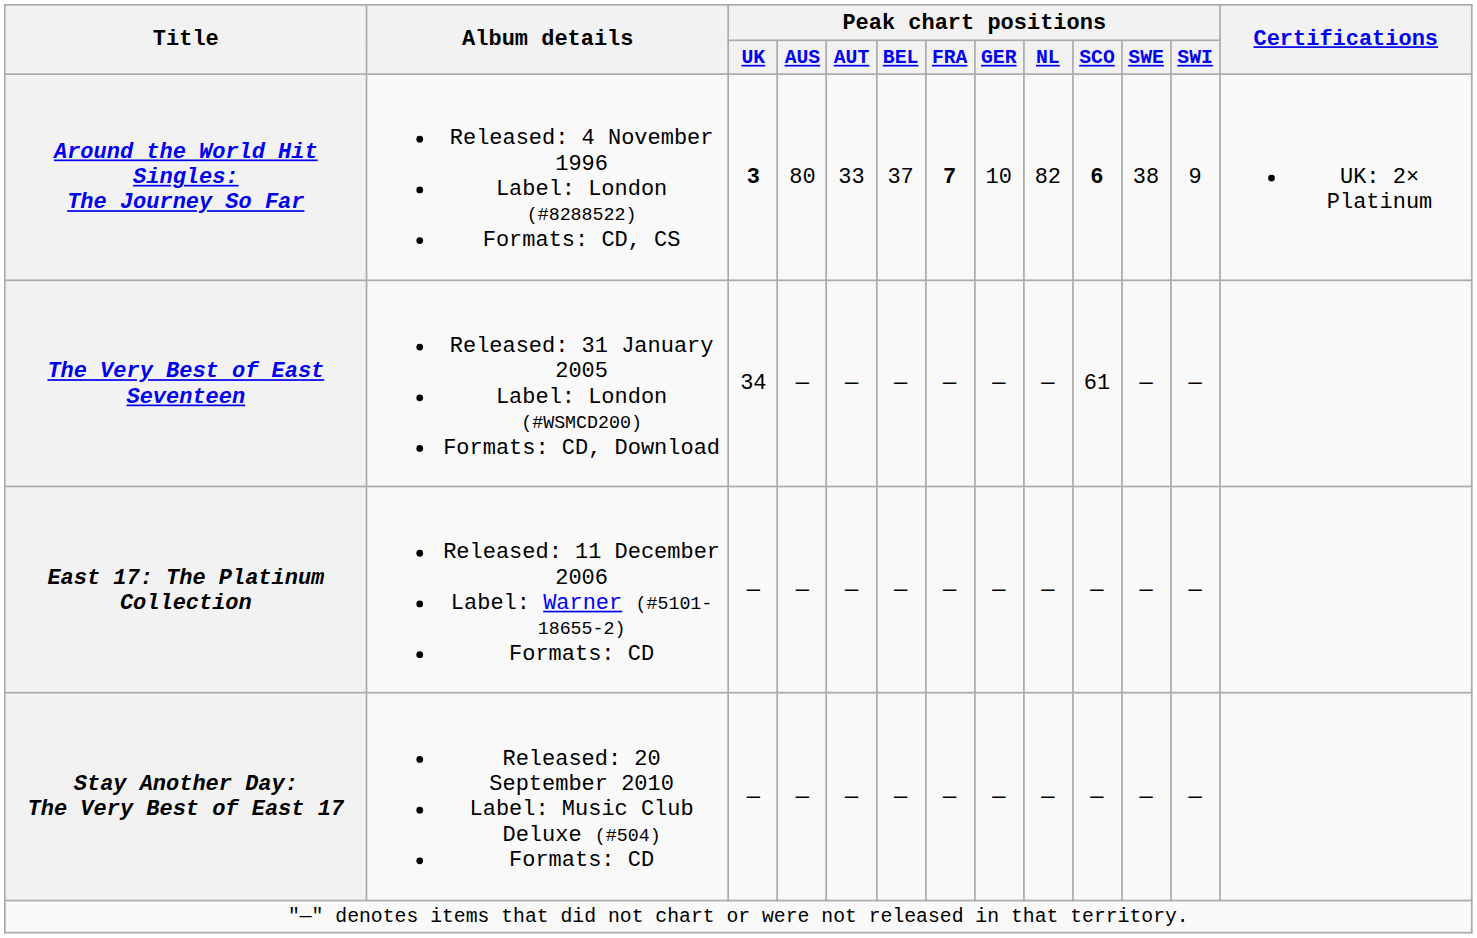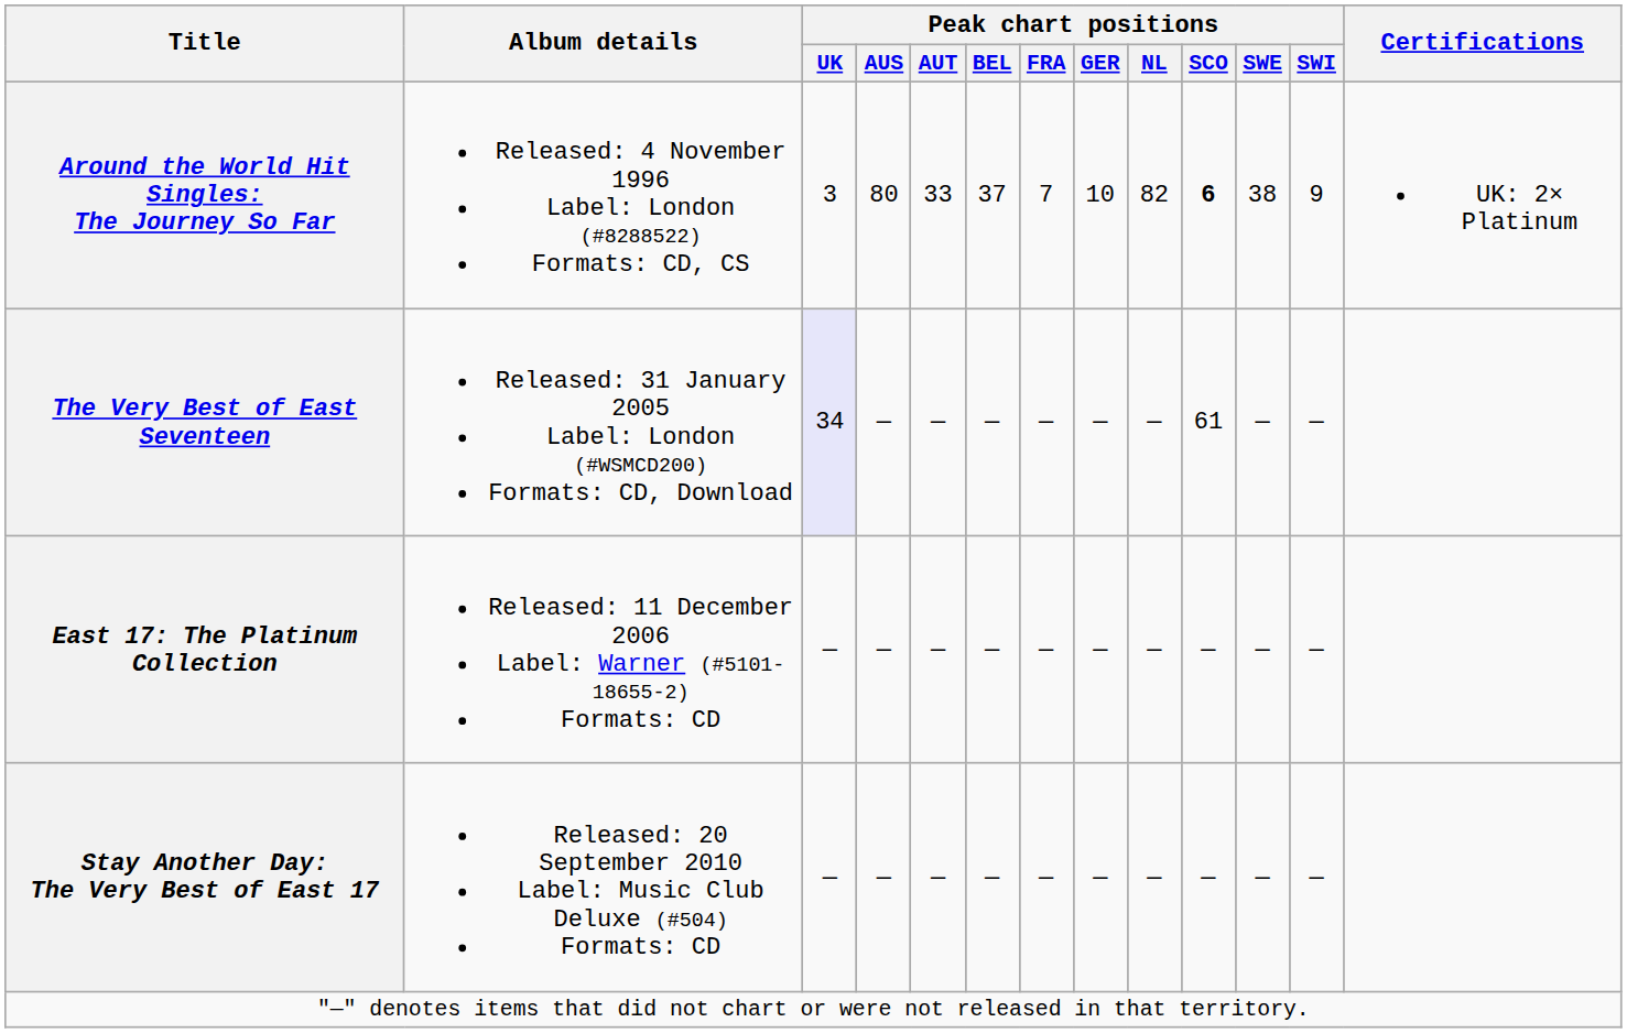 <table class="wikitable plainrowheaders" style="text-align:center;">
 <tr>
 <th scope="col" rowspan="2" style="width:16em;">Title</th>
 <th scope="col" rowspan="2" style="width:16em;">Album details</th>
 <th scope="col" colspan="10">Peak chart positions</th>
 <th rowspan="2" style="width:11em;"><a href='#'>Certifications</a></th>
 </tr>
 <tr>
 <th style="width:2em;font-size:90%;"><a href='#'>UK</a><br></th>
 <th style="width:2em;font-size:90%;"><a href='#'>AUS</a><br></th>
 <th style="width:2em;font-size:90%;"><a href='#'>AUT</a><br></th>
 <th style="width:2em;font-size:90%;"><a href='#'>BEL</a><br></th>
 <th style="width:2em;font-size:90%;"><a href='#'>FRA</a><br></th>
 <th style="width:2em;font-size:90%;"><a href='#'>GER</a><br></th>
 <th style="width:2em;font-size:90%;"><a href='#'>NL</a><br></th>
 <th style="width:2em;font-size:90%;"><a href='#'>SCO</a><br></th>
 <th style="width:2em;font-size:90%;"><a href='#'>SWE</a><br></th>
 <th style="width:2em;font-size:90%;"><a href='#'>SWI</a><br></th>
 </tr>
 <tr>
 <th scope="row"><em><a href='#'>Around the World Hit Singles:<br>The Journey So Far</a></em></th>
 <td><br><ul><li>Released: 4 November 1996</li><li>Label: London <small>(#8288522)</small></li><li>Formats: CD, CS</li></ul></td>
-<td><strong>3</strong></td>
+<td>3</td>
 <td>80</td>
 <td>33</td>
 <td>37</td>
-<td><strong>7</strong></td>
+<td>7</td>
 <td>10</td>
 <td>82</td>
 <td><strong>6</strong></td>
 <td>38</td>
 <td>9</td>
 <td><br><ul><li>UK: 2× Platinum</li></ul></td>
 </tr>
 <tr>
 <th scope="row"><em><a href='#'>The Very Best of East Seventeen</a></em></th>
 <td><br><ul><li>Released: 31 January 2005</li><li>Label: London <small>(#WSMCD200)</small></li><li>Formats: CD, Download</li></ul></td>
-<td>34</td>
+<td style="background: lavender;">34</td>
 <td>—</td>
 <td>—</td>
 <td>—</td>
 <td>—</td>
 <td>—</td>
 <td>—</td>
 <td>61</td>
 <td>—</td>
 <td>—</td>
 <td></td>
 </tr>
 <tr>
 <th scope="row"><em>East 17: The Platinum Collection</em></th>
 <td><br><ul><li>Released: 11 December 2006</li><li>Label: <a href='#'>Warner</a> <small>(#5101-18655-2)</small></li><li>Formats: CD</li></ul></td>
 <td>—</td>
 <td>—</td>
 <td>—</td>
 <td>—</td>
 <td>—</td>
 <td>—</td>
 <td>—</td>
 <td>—</td>
 <td>—</td>
 <td>—</td>
 <td></td>
 </tr>
 <tr>
 <th scope="row"><em>Stay Another Day:<br>The Very Best of East 17</em></th>
 <td><br><ul><li>Released: 20 September 2010</li><li>Label: Music Club Deluxe <small>(#504)</small></li><li>Formats: CD</li></ul></td>
 <td>—</td>
 <td>—</td>
 <td>—</td>
 <td>—</td>
 <td>—</td>
 <td>—</td>
 <td>—</td>
 <td>—</td>
 <td>—</td>
 <td>—</td>
 <td></td>
 </tr>
 <tr>
 <td colspan="15" style="font-size:90%">"—" denotes items that did not chart or were not released in that territory.</td>
 </tr>
 </table>
